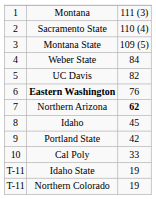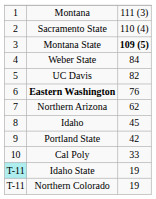 <table class="wikitable" style="display: inline-table;">
 <tr align="center">
 </tr>
 <tr align="center">
 <td>1</td>
 <td>Montana</td>
 <td>111 (3)</td>
 </tr>
 <tr align="center">
 <td>2</td>
 <td>Sacramento State</td>
 <td>110 (4)</td>
 </tr>
 <tr align="center">
 <td>3</td>
 <td>Montana State</td>
-<td>109 (5)</td>
+<td><strong>109 (5)</strong></td>
 </tr>
 <tr align="center">
 <td>4</td>
 <td>Weber State</td>
 <td>84</td>
 </tr>
 <tr align="center">
 <td>5</td>
 <td>UC Davis</td>
 <td>82</td>
 </tr>
 <tr align="center">
 <td>6</td>
 <td><strong>Eastern Washington</strong></td>
 <td>76</td>
 </tr>
 <tr align="center">
 <td>7</td>
 <td>Northern Arizona</td>
-<td><strong>62</strong></td>
+<td>62</td>
 </tr>
 <tr align="center">
 <td>8</td>
 <td>Idaho</td>
 <td>45</td>
 </tr>
 <tr align="center">
 <td>9</td>
 <td>Portland State</td>
 <td>42</td>
 </tr>
 <tr align="center">
 <td>10</td>
 <td>Cal Poly</td>
 <td>33</td>
 </tr>
 <tr align="center">
-<td>T-11</td>
+<td style="background: paleturquoise;">T-11</td>
 <td>Idaho State</td>
 <td>19</td>
 </tr>
 <tr align="center">
 <td>T-11</td>
 <td>Northern Colorado</td>
 <td>19</td>
 </tr>
 </table>
